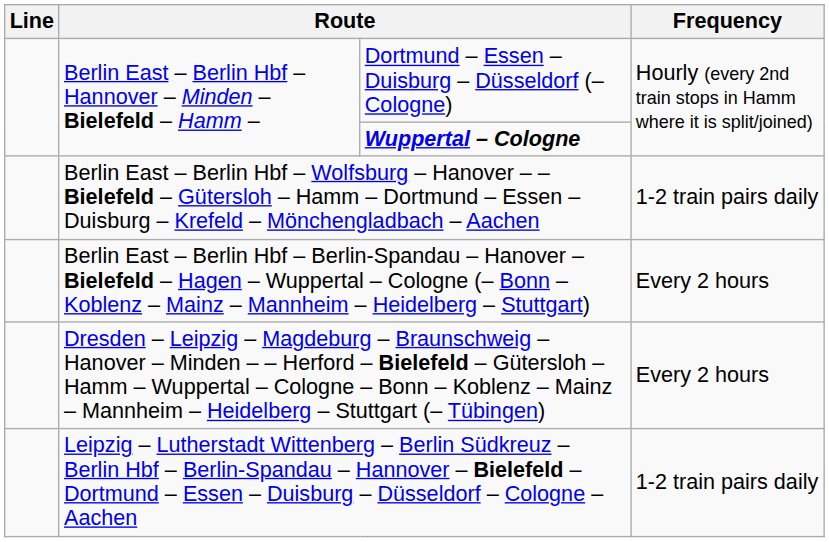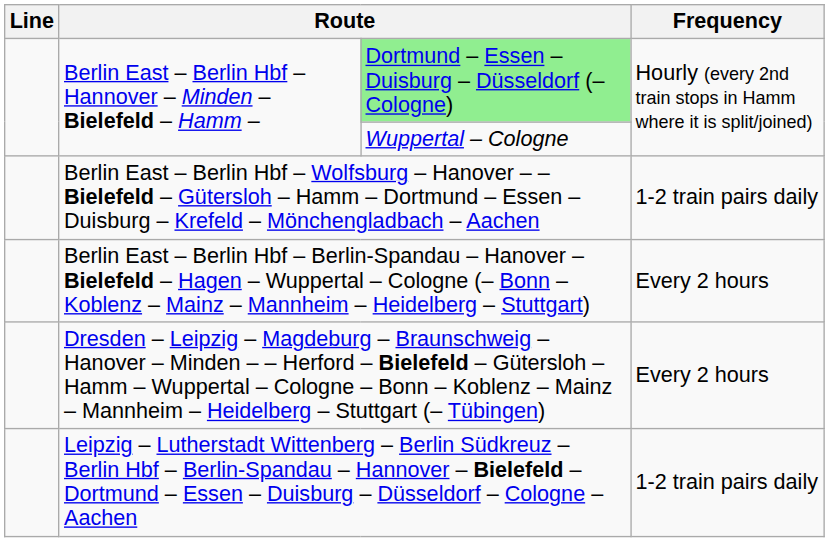 <table class="wikitable">
 <tr class="hintergrundfarbe5">
 <th>Line</th>
 <th colspan="2">Route</th>
 <th>Frequency</th>
 </tr>
 <tr>
 <td rowspan="2"></td>
 <td rowspan="2"><a href='#'>Berlin East</a> – <a href='#'>Berlin Hbf</a> –  <a href='#'>Hannover</a> – <em><a href='#'>Minden</a></em> – <strong>Bielefeld</strong> – <em><a href='#'>Hamm</a> –</em></td>
-<td><a href='#'>Dortmund</a> – <a href='#'>Essen</a> – <a href='#'>Duisburg</a> – <a href='#'>Düsseldorf</a> (– <a href='#'>Cologne</a>)</td>
+<td style="background: lightgreen;"><a href='#'>Dortmund</a> – <a href='#'>Essen</a> – <a href='#'>Duisburg</a> – <a href='#'>Düsseldorf</a> (– <a href='#'>Cologne</a>)</td>
 <td rowspan="2">Hourly <small>(every 2nd train stops in Hamm where it is split/joined)</small></td>
 </tr>
 <tr>
-<td><strong><em><a href='#'>Wuppertal</a> – Cologne</em></strong></td>
+<td><em><a href='#'>Wuppertal</a> – Cologne</em></td>
 </tr>
 <tr>
 <td></td>
 <td colspan="2">Berlin East – Berlin Hbf – <a href='#'>Wolfsburg</a> – Hanover –  – <strong>Bielefeld</strong> – <a href='#'>Gütersloh</a> – Hamm – Dortmund – Essen – Duisburg – <a href='#'>Krefeld</a> – <a href='#'>Mönchengladbach</a> – <a href='#'>Aachen</a></td>
 <td>1-2 train pairs daily</td>
 </tr>
 <tr>
 <td></td>
 <td colspan="2">Berlin East – Berlin Hbf – Berlin-Spandau – Hanover – <strong>Bielefeld</strong> – <a href='#'>Hagen</a> – Wuppertal – Cologne (– <a href='#'>Bonn</a> – <a href='#'>Koblenz</a> – <a href='#'>Mainz</a> – <a href='#'>Mannheim</a> – <a href='#'>Heidelberg</a> – <a href='#'>Stuttgart</a>)</td>
 <td>Every 2 hours</td>
 </tr>
 <tr>
 <td></td>
 <td colspan="2"><a href='#'>Dresden</a> – <a href='#'>Leipzig</a> – <a href='#'>Magdeburg</a> – <a href='#'>Braunschweig</a> – Hanover – Minden –  – Herford – <strong>Bielefeld</strong> – Gütersloh – Hamm – Wuppertal – Cologne – Bonn – Koblenz – Mainz – Mannheim – <a href='#'>Heidelberg</a> – Stuttgart (– <a href='#'>Tübingen</a>)</td>
 <td>Every 2 hours</td>
 </tr>
 <tr>
 <td></td>
 <td colspan="2"><a href='#'>Leipzig</a> – <a href='#'>Lutherstadt Wittenberg</a> –  <a href='#'>Berlin Südkreuz</a> – <a href='#'>Berlin Hbf</a> – <a href='#'>Berlin-Spandau</a> – <a href='#'>Hannover</a> – <strong>Bielefeld</strong> – <a href='#'>Dortmund</a> – <a href='#'>Essen</a> – <a href='#'>Duisburg</a> – <a href='#'>Düsseldorf</a> – <a href='#'>Cologne</a> – <a href='#'>Aachen</a></td>
 <td>1-2 train pairs daily</td>
 </tr>
 </table>
